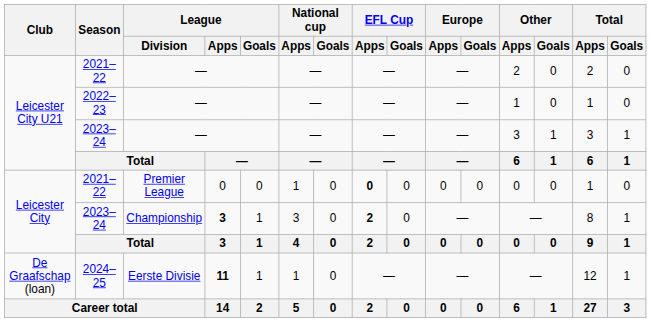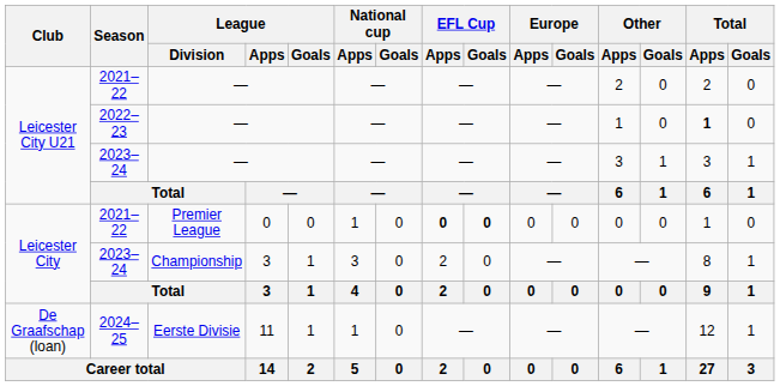 <table class=wikitable style=text-align:center>
 <tr>
 <th rowspan=2>Club</th>
 <th rowspan=2>Season</th>
 <th colspan=3>League</th>
 <th colspan=2>National cup</th>
 <th colspan=2><a href='#'>EFL Cup</a></th>
 <th colspan=2>Europe</th>
 <th colspan=2>Other</th>
 <th colspan=2>Total</th>
 </tr>
 <tr>
 <th>Division</th>
 <th>Apps</th>
 <th>Goals</th>
 <th>Apps</th>
 <th>Goals</th>
 <th>Apps</th>
 <th>Goals</th>
 <th>Apps</th>
 <th>Goals</th>
 <th>Apps</th>
 <th>Goals</th>
 <th>Apps</th>
 <th>Goals</th>
 </tr>
 <tr>
 <td rowspan="4"><a href='#'>Leicester City U21</a></td>
 <td><a href='#'>2021–22</a></td>
 <td colspan=3>—</td>
 <td colspan=2>—</td>
 <td colspan=2>—</td>
 <td colspan=2>—</td>
 <td>2</td>
 <td>0</td>
 <td>2</td>
 <td>0</td>
 </tr>
 <tr>
 <td><a href='#'>2022–23</a></td>
 <td colspan="3">—</td>
 <td colspan="2">—</td>
 <td colspan="2">—</td>
 <td colspan="2">—</td>
 <td>1</td>
 <td>0</td>
-<td>1</td>
+<td><strong>1</strong></td>
 <td>0</td>
 </tr>
 <tr>
 <td><a href='#'>2023–24</a></td>
 <td colspan="3">—</td>
 <td colspan="2">—</td>
 <td colspan="2">—</td>
 <td colspan="2">—</td>
 <td>3</td>
 <td>1</td>
 <td>3</td>
 <td>1</td>
 </tr>
 <tr>
 <th colspan="2">Total</th>
 <th colspan="2">—</th>
 <th colspan="2">—</th>
 <th colspan="2">—</th>
 <th colspan="2">—</th>
 <th>6</th>
 <th>1</th>
 <th>6</th>
 <th>1</th>
 </tr>
 <tr>
 <td rowspan="3"><a href='#'>Leicester City</a></td>
 <td><a href='#'>2021–22</a></td>
 <td><a href='#'>Premier League</a></td>
 <td>0</td>
 <td>0</td>
 <td>1</td>
 <td>0</td>
 <td><strong>0</strong></td>
-<td>0</td>
+<td><strong>0</strong></td>
 <td>0</td>
 <td>0</td>
 <td>0</td>
 <td>0</td>
 <td>1</td>
 <td>0</td>
 </tr>
 <tr>
 <td><a href='#'>2023–24</a></td>
 <td><a href='#'>Championship</a></td>
-<td><strong>3</strong></td>
+<td>3</td>
 <td>1</td>
 <td>3</td>
 <td>0</td>
-<td><strong>2</strong></td>
+<td>2</td>
 <td>0</td>
 <td colspan="2">—</td>
 <td colspan="2">—</td>
 <td>8</td>
 <td>1</td>
 </tr>
 <tr>
 <th colspan="2">Total</th>
 <th>3</th>
 <th>1</th>
 <th>4</th>
 <th>0</th>
 <th>2</th>
 <th>0</th>
 <th>0</th>
 <th>0</th>
 <th>0</th>
 <th>0</th>
 <th>9</th>
 <th>1</th>
 </tr>
 <tr>
 <td><a href='#'>De Graafschap</a> (loan)</td>
 <td><a href='#'>2024–25</a></td>
 <td><a href='#'>Eerste Divisie</a></td>
-<td><strong>11</strong></td>
+<td>11</td>
 <td>1</td>
 <td>1</td>
 <td>0</td>
 <td colspan="2">—</td>
 <td colspan="2">—</td>
 <td colspan="2">—</td>
 <td>12</td>
 <td>1</td>
 </tr>
 <tr>
 <th colspan="3">Career total</th>
 <th>14</th>
 <th>2</th>
 <th>5</th>
 <th>0</th>
 <th>2</th>
 <th>0</th>
 <th>0</th>
 <th>0</th>
 <th>6</th>
 <th>1</th>
 <th>27</th>
 <th>3</th>
 </tr>
 </table>
